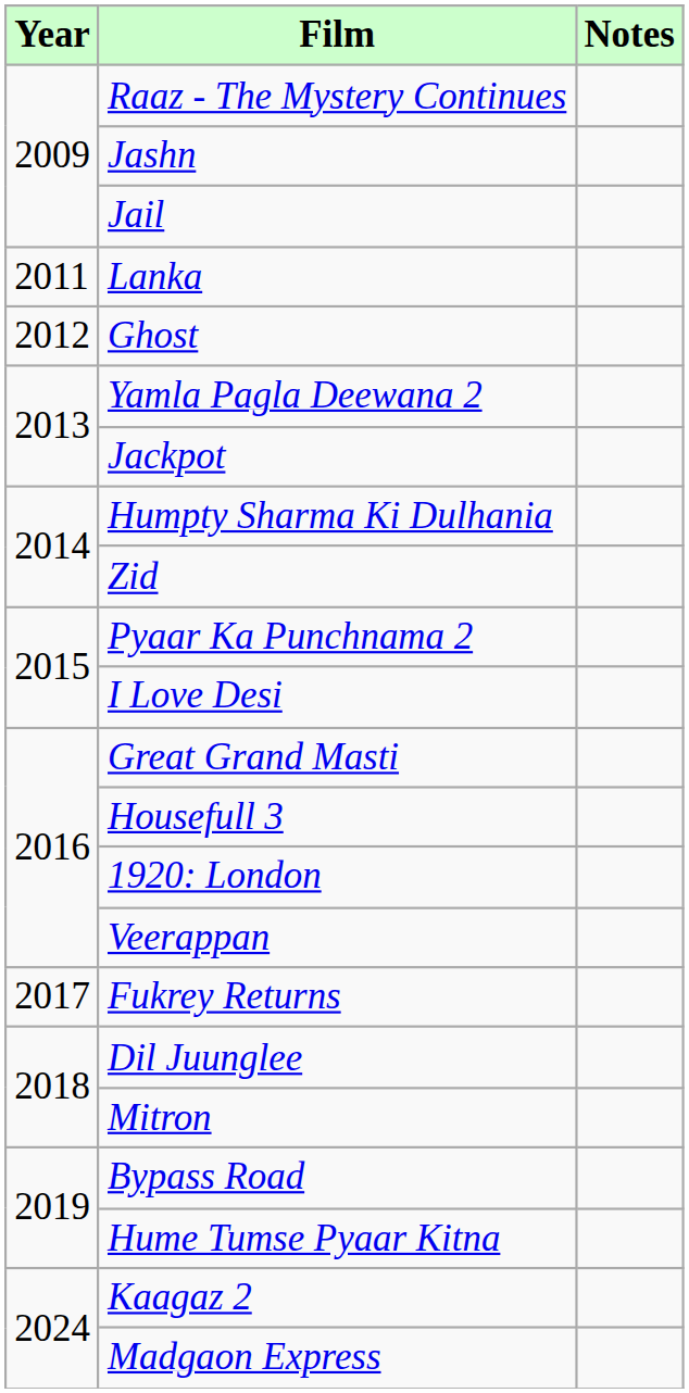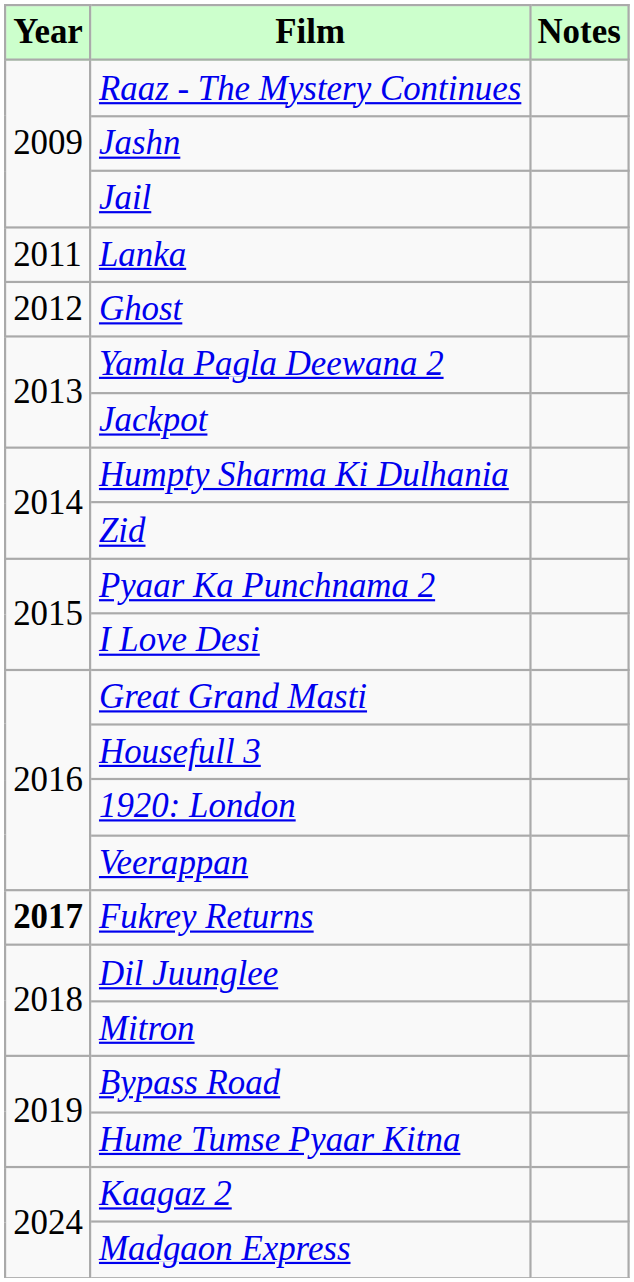 <table class="wikitable sortable">
 <tr>
 <th style="background:#cfc; text-align:center;"><strong>Year</strong></th>
 <th style="background:#cfc; text-align:center;"><strong>Film</strong></th>
 <th style="background:#cfc; text-align:center;"><strong>Notes</strong></th>
 </tr>
 <tr>
 <td rowspan="3">2009</td>
 <td><em><a href='#'>Raaz - The Mystery Continues</a></em></td>
 <td></td>
 </tr>
 <tr>
 <td><a href='#'><em>Jashn</em></a></td>
 <td></td>
 </tr>
 <tr>
 <td><a href='#'><em>Jail</em></a></td>
 <td></td>
 </tr>
 <tr>
 <td>2011</td>
 <td><a href='#'><em>Lanka</em></a></td>
 <td></td>
 </tr>
 <tr>
 <td>2012</td>
 <td><em><a href='#'>Ghost</a></em></td>
 <td></td>
 </tr>
 <tr>
 <td rowspan="2">2013</td>
 <td><em><a href='#'>Yamla Pagla Deewana 2</a></em></td>
 <td></td>
 </tr>
 <tr>
 <td><a href='#'><em>Jackpot</em></a></td>
 <td></td>
 </tr>
 <tr>
 <td rowspan="2">2014</td>
 <td><em><a href='#'>Humpty Sharma Ki Dulhania</a></em></td>
 <td></td>
 </tr>
 <tr>
 <td><a href='#'><em>Zid</em></a></td>
 <td></td>
 </tr>
 <tr>
 <td rowspan=2>2015</td>
 <td><em><a href='#'>Pyaar Ka Punchnama 2</a></em></td>
 <td></td>
 </tr>
 <tr>
 <td><em><a href='#'>I Love Desi</a></em></td>
 <td></td>
 </tr>
 <tr>
 <td rowspan="4">2016</td>
 <td><em><a href='#'>Great Grand Masti</a></em></td>
 <td></td>
 </tr>
 <tr>
 <td><em><a href='#'>Housefull 3</a></em></td>
 <td></td>
 </tr>
 <tr>
 <td><em><a href='#'>1920: London</a></em></td>
 </tr>
 <tr>
 <td><a href='#'><em>Veerappan</em></a></td>
 <td></td>
 </tr>
 <tr>
-<td>2017</td>
+<td><strong>2017</strong></td>
 <td><em><a href='#'>Fukrey Returns</a></em></td>
 <td></td>
 </tr>
 <tr>
 <td rowspan="2">2018</td>
 <td><em><a href='#'>Dil Juunglee</a></em></td>
 <td></td>
 </tr>
 <tr>
 <td><em><a href='#'>Mitron</a></em></td>
 <td></td>
 </tr>
 <tr>
 <td rowspan="2">2019</td>
 <td><em><a href='#'>Bypass Road</a></em></td>
 <td></td>
 </tr>
 <tr>
 <td><em><a href='#'>Hume Tumse Pyaar Kitna</a></em></td>
 <td></td>
 </tr>
 <tr>
 <td rowspan=2>2024</td>
 <td><em><a href='#'>Kaagaz 2</a></em></td>
 <td></td>
 </tr>
 <tr>
 <td><em><a href='#'>Madgaon Express</a></em></td>
 <td></td>
 </tr>
 </table>
